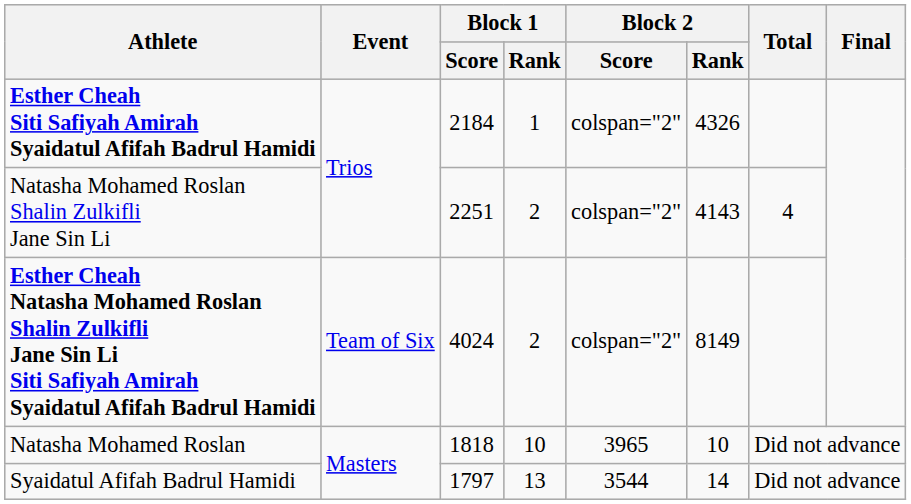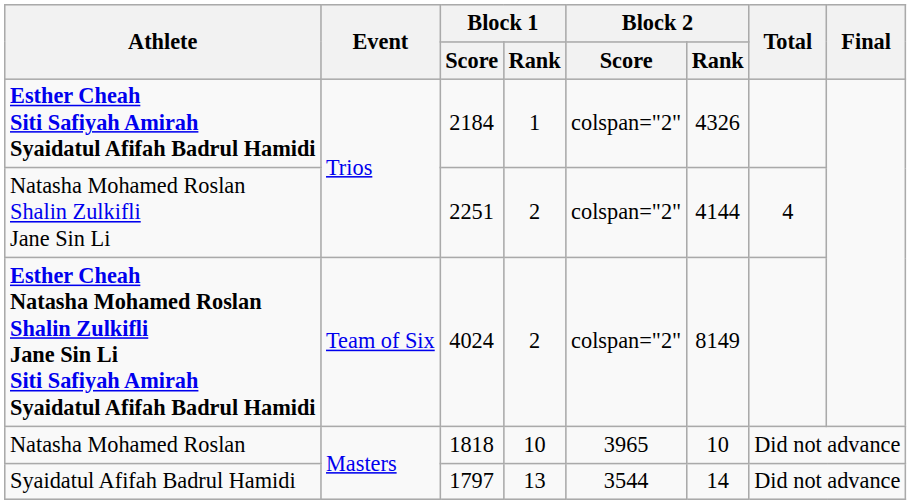 <table class="wikitable" style="font-size:90%;text-align:center">
 <tr>
 <th rowspan="2">Athlete</th>
 <th rowspan="2">Event</th>
 <th colspan="2">Block 1</th>
 <th colspan="2">Block 2</th>
 <th rowspan="2">Total</th>
 <th rowspan="2">Final</th>
 </tr>
 <tr>
 <th>Score</th>
 <th>Rank</th>
 <th>Score</th>
 <th>Rank</th>
 </tr>
 <tr>
 <td align="left"><strong><a href='#'>Esther Cheah</a><br><a href='#'>Siti Safiyah Amirah</a><br>Syaidatul Afifah Badrul Hamidi</strong></td>
 <td align="left" rowspan="2"><a href='#'>Trios</a></td>
 <td>2184</td>
 <td>1</td>
 <td>colspan="2" </td>
 <td>4326</td>
 <td></td>
 </tr>
 <tr>
 <td align="left">Natasha Mohamed Roslan<br><a href='#'>Shalin Zulkifli</a><br>Jane Sin Li</td>
 <td>2251</td>
 <td>2</td>
 <td>colspan="2" </td>
-<td>4143</td>
+<td>4144</td>
 <td>4</td>
 </tr>
 <tr>
 <td align="left"><strong><a href='#'>Esther Cheah</a><br>Natasha Mohamed Roslan<br><a href='#'>Shalin Zulkifli</a><br>Jane Sin Li<br><a href='#'>Siti Safiyah Amirah</a><br>Syaidatul Afifah Badrul Hamidi</strong></td>
 <td align="left"><a href='#'>Team of Six</a></td>
 <td>4024</td>
 <td>2</td>
 <td>colspan="2" </td>
 <td>8149</td>
 <td></td>
 </tr>
 <tr>
 <td align="left">Natasha Mohamed Roslan</td>
 <td align="left" rowspan="2"><a href='#'>Masters</a></td>
 <td>1818</td>
 <td>10</td>
 <td>3965</td>
 <td>10</td>
 <td colspan="2">Did not advance</td>
 </tr>
 <tr>
 <td align="left">Syaidatul Afifah Badrul Hamidi</td>
 <td>1797</td>
 <td>13</td>
 <td>3544</td>
 <td>14</td>
 <td colspan="2">Did not advance</td>
 </tr>
 </table>
